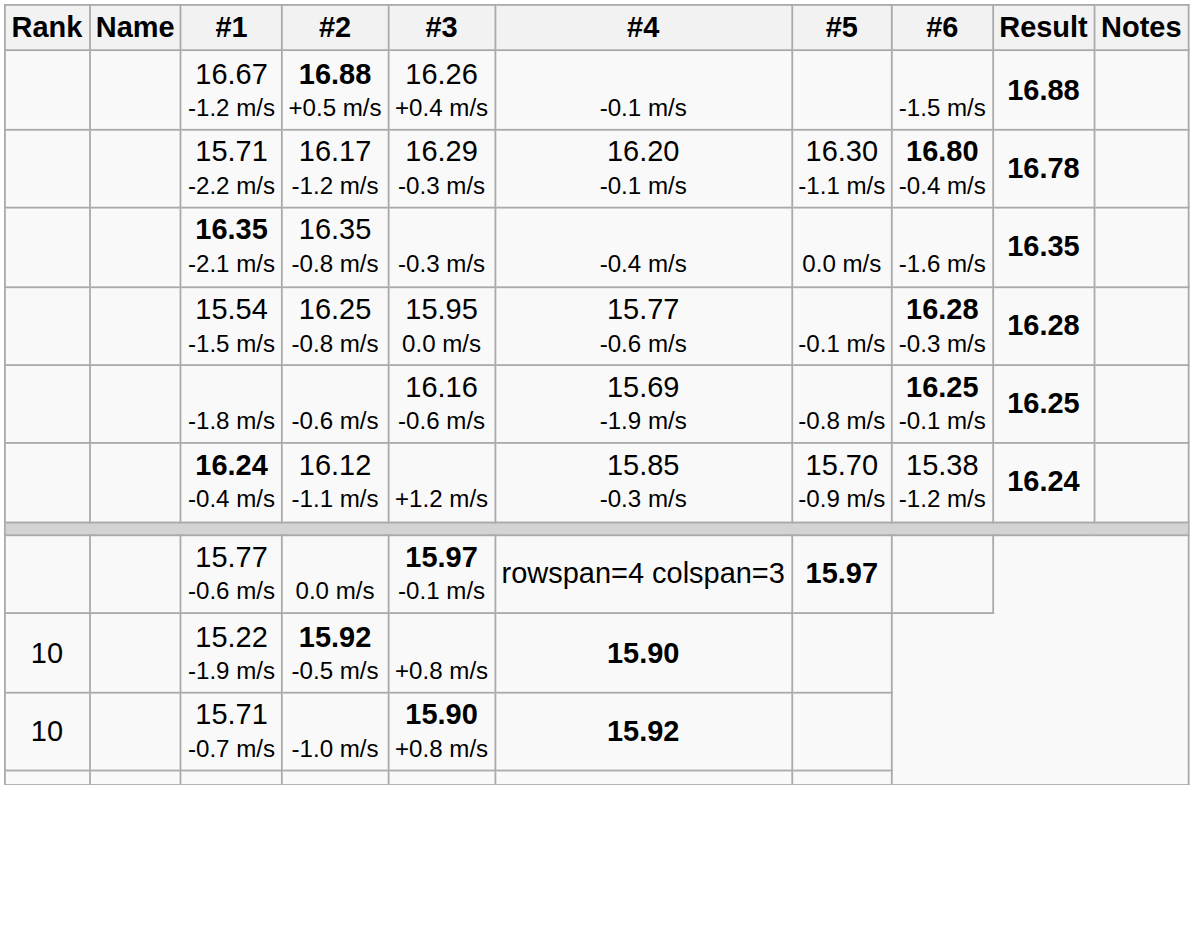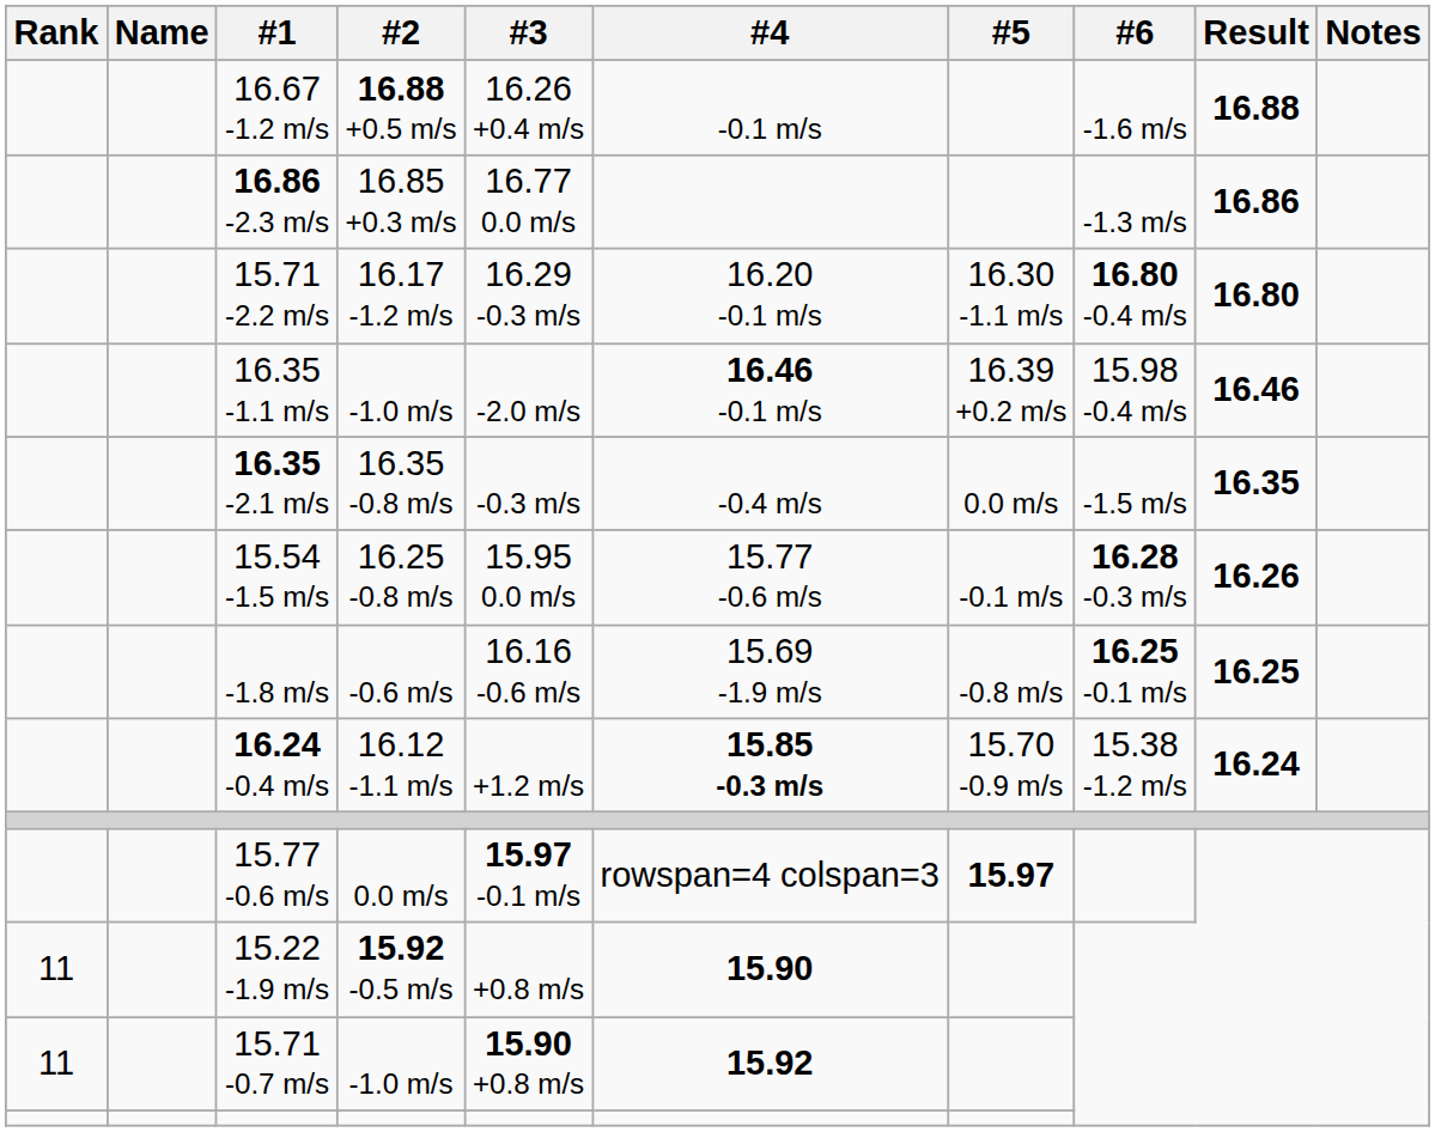 <table class="wikitable sortable" style="text-align:center">
 <tr>
 <th>Rank</th>
 <th>Name</th>
 <th>#1</th>
 <th>#2</th>
 <th>#3</th>
 <th>#4</th>
 <th>#5</th>
 <th>#6</th>
 <th>Result</th>
 <th>Notes</th>
 </tr>
 <tr>
 <td></td>
 <td align="left"></td>
 <td>16.67<br><small>-1.2 m/s</small></td>
 <td><strong>16.88</strong><br><small>+0.5 m/s</small></td>
 <td>16.26<br><small>+0.4 m/s</small></td>
 <td><br><small>-0.1 m/s</small></td>
 <td></td>
-<td><br><small>-1.5 m/s</small></td>
+<td><br><small>-1.6 m/s</small></td>
 <td><strong>16.88</strong></td>
+<td></td>
+</tr>
+<tr>
+<td></td>
+<td align="left"></td>
+<td><strong>16.86</strong><br><small>-2.3 m/s</small></td>
+<td>16.85<br><small>+0.3 m/s</small></td>
+<td>16.77<br><small>0.0 m/s</small></td>
+<td></td>
+<td></td>
+<td><br><small>-1.3 m/s</small></td>
+<td><strong>16.86</strong></td>
 <td></td>
 </tr>
 <tr>
 <td></td>
 <td align="left"></td>
 <td>15.71<br><small>-2.2 m/s</small></td>
 <td>16.17<br><small>-1.2 m/s</small></td>
 <td>16.29<br><small>-0.3 m/s</small></td>
 <td>16.20<br><small>-0.1 m/s</small></td>
 <td>16.30<br><small>-1.1 m/s</small></td>
 <td><strong>16.80</strong><br><small>-0.4 m/s</small></td>
-<td><strong>16.78</strong></td>
+<td><strong>16.80</strong></td>
+<td></td>
+</tr>
+<tr>
+<td></td>
+<td align="left"></td>
+<td>16.35<br><small>-1.1 m/s</small></td>
+<td><br><small>-1.0 m/s</small></td>
+<td><br><small>-2.0 m/s</small></td>
+<td><strong>16.46</strong><br><small>-0.1 m/s</small></td>
+<td>16.39<br><small>+0.2 m/s</small></td>
+<td>15.98<br><small>-0.4 m/s</small></td>
+<td><strong>16.46</strong></td>
 <td></td>
 </tr>
 <tr>
 <td></td>
 <td align="left"></td>
 <td><strong>16.35</strong><br><small>-2.1 m/s</small></td>
 <td>16.35<br><small>-0.8 m/s</small></td>
 <td><br><small>-0.3 m/s</small></td>
 <td><br><small>-0.4 m/s</small></td>
 <td><br><small>0.0 m/s</small></td>
-<td><br><small>-1.6 m/s</small></td>
+<td><br><small>-1.5 m/s</small></td>
 <td><strong>16.35</strong></td>
 <td></td>
 </tr>
 <tr>
 <td></td>
 <td align="left"></td>
 <td>15.54<br><small>-1.5 m/s</small></td>
 <td>16.25<br><small>-0.8 m/s</small></td>
 <td>15.95<br><small>0.0 m/s</small></td>
 <td>15.77<br><small>-0.6 m/s</small></td>
 <td><br><small>-0.1 m/s</small></td>
 <td><strong>16.28</strong><br><small>-0.3 m/s</small></td>
-<td><strong>16.28</strong></td>
+<td><strong>16.26</strong></td>
 <td></td>
 </tr>
 <tr>
 <td></td>
 <td align="left"></td>
 <td><br><small>-1.8 m/s</small></td>
 <td><br><small>-0.6 m/s</small></td>
 <td>16.16<br><small>-0.6 m/s</small></td>
 <td>15.69<br><small>-1.9 m/s</small></td>
 <td><br><small>-0.8 m/s</small></td>
 <td><strong>16.25</strong><br><small>-0.1 m/s</small></td>
 <td><strong>16.25</strong></td>
 <td></td>
 </tr>
 <tr>
 <td></td>
 <td align="left"></td>
 <td><strong>16.24</strong><br><small>-0.4 m/s</small></td>
 <td>16.12<br><small>-1.1 m/s</small></td>
 <td><br><small>+1.2 m/s</small></td>
-<td>15.85<br><small>-0.3 m/s</small></td>
+<td><strong>15.85<br><small>-0.3 m/s</small></strong></td>
 <td>15.70<br><small>-0.9 m/s</small></td>
 <td>15.38<br><small>-1.2 m/s</small></td>
 <td><strong>16.24</strong></td>
 <td></td>
 </tr>
 <tr>
 <td colspan=10 bgcolor=lightgray></td>
 </tr>
 <tr>
 <td></td>
 <td align="left"></td>
 <td>15.77<br><small>-0.6 m/s</small></td>
 <td><br><small>0.0 m/s</small></td>
 <td><strong>15.97</strong><br><small>-0.1 m/s</small></td>
 <td>rowspan=4 colspan=3 </td>
 <td><strong>15.97</strong></td>
 <td></td>
 </tr>
 <tr>
-<td>10</td>
+<td>11</td>
 <td align="left"></td>
 <td>15.22<br><small>-1.9 m/s</small></td>
 <td><strong>15.92</strong><br><small>-0.5 m/s</small></td>
 <td><br><small>+0.8 m/s</small></td>
 <td><strong>15.90</strong></td>
 <td></td>
 </tr>
 <tr>
-<td>10</td>
+<td>11</td>
 <td align="left"></td>
 <td>15.71<br><small>-0.7 m/s</small></td>
 <td><br><small>-1.0 m/s</small></td>
 <td><strong>15.90</strong><br><small>+0.8 m/s</small></td>
 <td><strong>15.92</strong></td>
 <td></td>
 </tr>
 <tr>
 <td></td>
 <td align="left"></td>
 <td></td>
 <td></td>
 <td></td>
 <td></td>
 <td></td>
 </tr>
 </table>
